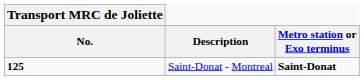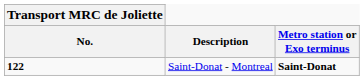 <table class="wikitable" style="font-size:90%; border:1px;">
 <tr>
 <th style="background: #"><big>Transport MRC de Joliette</big></th>
 </tr>
 <tr>
 <th>No.</th>
 <th>Description</th>
 <th><a href='#'>Metro station</a> or<br> <a href='#'>Exo terminus</a></th>
 </tr>
 <tr>
-<td><strong>125</strong></td>
+<td><strong>122</strong></td>
 <td><a href='#'>Saint-Donat</a> - <a href='#'>Montreal</a></td>
 <td><strong>Saint-Donat</strong></td>
 </tr>
 </table>
